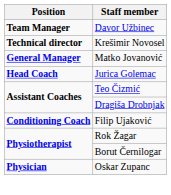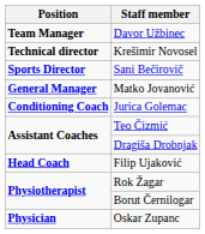 <table class="wikitable">
 <tr>
 <th>Position</th>
 <th>Staff member</th>
 </tr>
 <tr>
 <td><strong>Team Manager</strong></td>
 <td> <a href='#'>Davor Užbinec</a></td>
 </tr>
 <tr>
 <td><strong>Technical director</strong></td>
 <td> Krešimir Novosel</td>
 </tr>
 <tr>
+<td><strong><a href='#'>Sports Director</a></strong></td>
+<td> <a href='#'>Sani Bečirovič</a></td>
+</tr>
+<tr>
 <td><strong><a href='#'>General Manager</a></strong></td>
 <td> Matko Jovanović</td>
 </tr>
 <tr>
-<td><strong><a href='#'>Head Coach</a></strong></td>
+<td><strong><a href='#'>Conditioning Coach</a></strong></td>
 <td> <a href='#'>Jurica Golemac</a></td>
 </tr>
 <tr>
 <td rowspan=2><strong>Assistant Coaches</strong></td>
 <td> <a href='#'>Teo Čizmić</a></td>
 </tr>
 <tr>
 <td> <a href='#'>Dragiša Drobnjak</a></td>
 </tr>
 <tr>
-<td><strong><a href='#'>Conditioning Coach</a></strong></td>
+<td><strong><a href='#'>Head Coach</a></strong></td>
 <td> Filip Ujaković</td>
 </tr>
 <tr>
 <td rowspan=2><strong><a href='#'>Physiotherapist</a></strong></td>
 <td> Rok Žagar</td>
 </tr>
 <tr>
 <td> Borut Černilogar</td>
 </tr>
 <tr>
 <td><strong><a href='#'>Physician</a></strong></td>
 <td> Oskar Zupanc</td>
 </tr>
 </table>
